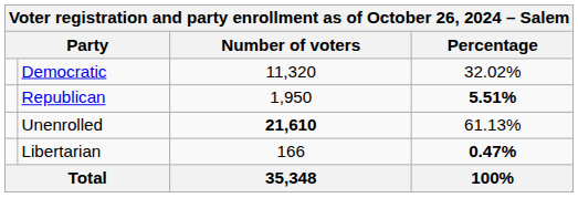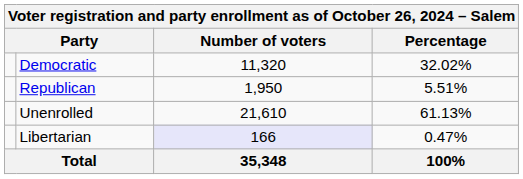 <table class=wikitable>
 <tr>
 <th colspan = 6>Voter registration and party enrollment as of October 26, 2024 – Salem</th>
 </tr>
 <tr>
 <th colspan = 2>Party</th>
 <th>Number of voters</th>
 <th>Percentage</th>
 </tr>
 <tr>
 <td></td>
 <td><a href='#'>Democratic</a></td>
 <td style="text-align:center;">11,320</td>
 <td style="text-align:center;">32.02%</td>
 </tr>
 <tr>
 <td></td>
 <td><a href='#'>Republican</a></td>
 <td style="text-align:center;">1,950</td>
-<td style="text-align:center;"><strong>5.51%</strong></td>
+<td style="text-align:center;">5.51%</td>
 </tr>
 <tr>
 <td></td>
 <td>Unenrolled</td>
-<td style="text-align:center;"><strong>21,610</strong></td>
+<td style="text-align:center;">21,610</td>
 <td style="text-align:center;">61.13%</td>
 </tr>
 <tr>
 <td></td>
 <td>Libertarian</td>
-<td style="text-align:center;">166</td>
-<td style="text-align:center;"><strong>0.47%</strong></td>
+<td style="background: lavender; text-align:center;">166</td>
+<td style="text-align:center;">0.47%</td>
 </tr>
 <tr>
 <th colspan = 2>Total</th>
 <th style="text-align:center;">35,348</th>
 <th style="text-align:center;">100%</th>
 </tr>
 </table>
